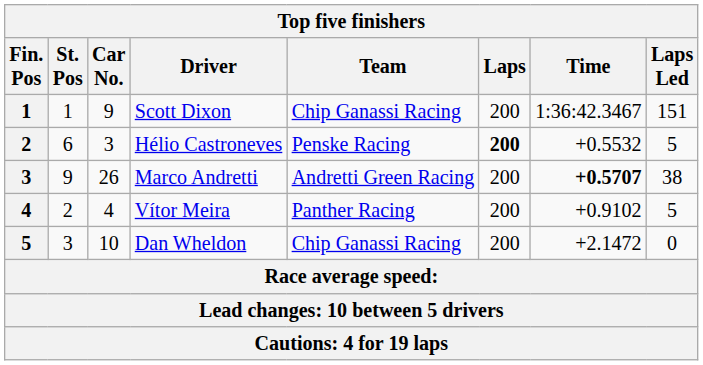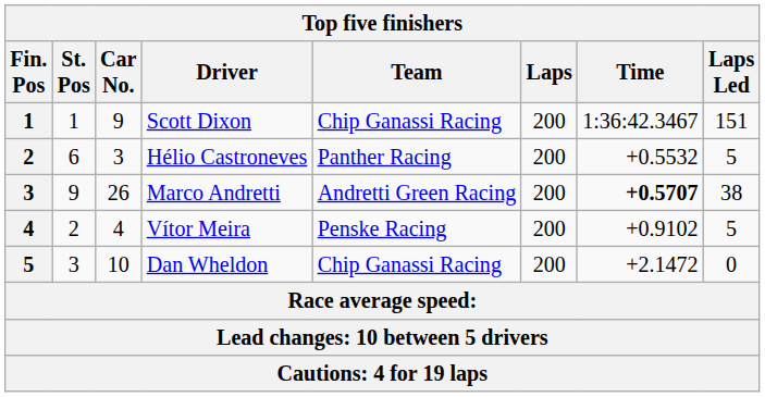 <table class="wikitable" style="font-size:95%;text-align:center">
 <tr>
 <th colspan=9>Top five finishers</th>
 </tr>
 <tr>
 <th>Fin.<br>Pos</th>
 <th>St.<br>Pos</th>
 <th>Car<br>No.</th>
 <th>Driver</th>
 <th>Team</th>
 <th>Laps</th>
 <th>Time</th>
 <th>Laps<br>Led</th>
 </tr>
 <tr>
 <th>1</th>
 <td>1</td>
 <td>9</td>
 <td style="text-align:left"> <a href='#'>Scott Dixon</a></td>
 <td style="text-align:left"><a href='#'>Chip Ganassi Racing</a></td>
 <td>200</td>
 <td align=right>1:36:42.3467</td>
 <td>151</td>
 </tr>
 <tr>
 <th>2</th>
 <td>6</td>
 <td>3</td>
 <td style="text-align:left"> <a href='#'>Hélio Castroneves</a></td>
-<td style="text-align:left"><a href='#'>Penske Racing</a></td>
-<td><strong>200</strong></td>
+<td style="text-align:left"><a href='#'>Panther Racing</a></td>
+<td>200</td>
 <td align=right>+0.5532</td>
 <td>5</td>
 </tr>
 <tr>
 <th>3</th>
 <td>9</td>
 <td>26</td>
 <td style="text-align:left"> <a href='#'>Marco Andretti</a></td>
 <td style="text-align:left"><a href='#'>Andretti Green Racing</a></td>
 <td>200</td>
 <td align=right><strong>+0.5707</strong></td>
 <td>38</td>
 </tr>
 <tr>
 <th>4</th>
 <td>2</td>
 <td>4</td>
 <td style="text-align:left"> <a href='#'>Vítor Meira</a></td>
-<td style="text-align:left"><a href='#'>Panther Racing</a></td>
+<td style="text-align:left"><a href='#'>Penske Racing</a></td>
 <td>200</td>
 <td align=right>+0.9102</td>
 <td>5</td>
 </tr>
 <tr>
 <th>5</th>
 <td>3</td>
 <td>10</td>
 <td style="text-align:left"> <a href='#'>Dan Wheldon</a></td>
 <td style="text-align:left"><a href='#'>Chip Ganassi Racing</a></td>
 <td>200</td>
 <td align=right>+2.1472</td>
 <td>0</td>
 </tr>
 <tr>
 <th colspan=9>Race average speed: </th>
 </tr>
 <tr>
 <th colspan=9>Lead changes: 10 between 5 drivers</th>
 </tr>
 <tr>
 <th colspan=9>Cautions: 4 for 19 laps</th>
 </tr>
 </table>
